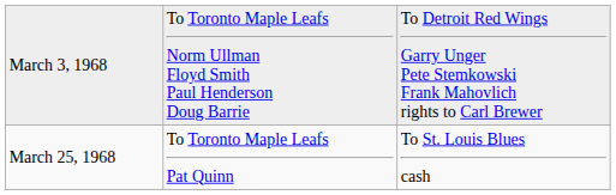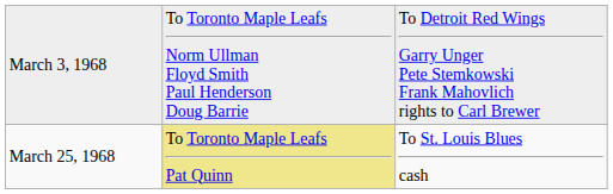 <table class="wikitable" style="border:1px solid #999; width:580px;">
 <tr style="background:#eee;">
 <td>March 3, 1968</td>
 <td valign="top">To <a href='#'>Toronto Maple Leafs</a><hr><a href='#'>Norm Ullman</a><br><a href='#'>Floyd Smith</a><br><a href='#'>Paul Henderson</a><br><a href='#'>Doug Barrie</a></td>
 <td valign="top">To <a href='#'>Detroit Red Wings</a><hr><a href='#'>Garry Unger</a><br><a href='#'>Pete Stemkowski</a><br><a href='#'>Frank Mahovlich</a><br>rights to <a href='#'>Carl Brewer</a></td>
 </tr>
 <tr>
 <td>March 25, 1968</td>
-<td valign="top">To <a href='#'>Toronto Maple Leafs</a><hr><a href='#'>Pat Quinn</a></td>
+<td valign="top" style="background: khaki;">To <a href='#'>Toronto Maple Leafs</a><hr><a href='#'>Pat Quinn</a></td>
 <td valign="top">To <a href='#'>St. Louis Blues</a><hr>cash</td>
 </tr>
 </table>
